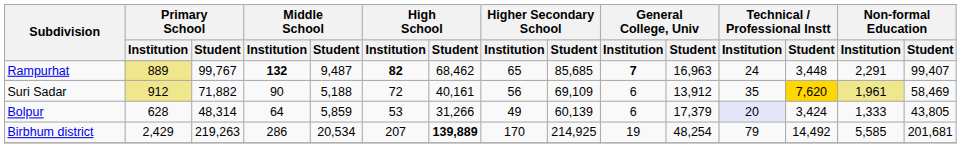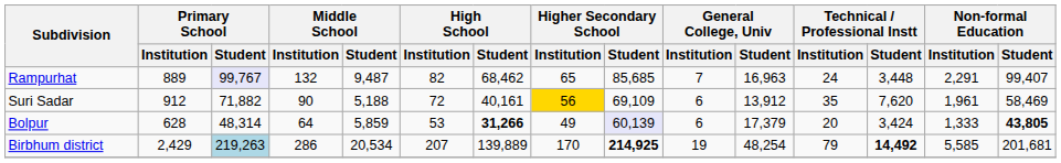 <table class="wikitable" style="text-align:center;font-size: 9pt">
 <tr>
 <th width="110" rowspan="2">Subdivision</th>
 <th colspan="2">Primary<br>School</th>
 <th colspan="2">Middle<br>School</th>
 <th colspan="2">High<br>School</th>
 <th colspan="2">Higher Secondary<br>School</th>
 <th colspan="2">General<br>College, Univ</th>
 <th colspan="2">Technical /<br>Professional Instt</th>
 <th colspan="2">Non-formal<br>Education</th>
 </tr>
 <tr>
 <th width="30">Institution</th>
 <th width="30">Student</th>
 <th width="30">Institution</th>
 <th width="30">Student</th>
 <th width="30">Institution</th>
 <th width="30">Student</th>
 <th width="30">Institution</th>
 <th width="30">Student</th>
 <th width="30">Institution</th>
 <th width="30">Student</th>
 <th width="30">Institution</th>
 <th width="30">Student</th>
 <th width="30">Institution</th>
 <th width="30">Student<br></th>
 </tr>
 <tr>
 <td align=left><a href='#'>Rampurhat</a></td>
-<td align="center" style="background: khaki;">889</td>
-<td align="center">99,767</td>
-<td align="center"><strong>132</strong></td>
+<td align="center">889</td>
+<td align="center" style="background: lavender;">99,767</td>
+<td align="center">132</td>
 <td align="center">9,487</td>
-<td align="center"><strong>82</strong></td>
+<td align="center">82</td>
 <td align="center">68,462</td>
 <td align="center">65</td>
 <td align="center">85,685</td>
-<td align="center"><strong>7</strong></td>
+<td align="center">7</td>
 <td align="center">16,963</td>
 <td align="center">24</td>
 <td align="center">3,448</td>
 <td align="center">2,291</td>
 <td align="center">99,407</td>
 </tr>
 <tr>
 <td align=left>Suri Sadar</td>
-<td align="center" style="background: khaki;">912</td>
+<td align="center">912</td>
 <td align="center">71,882</td>
 <td align="center">90</td>
 <td align="center">5,188</td>
 <td align="center">72</td>
 <td align="center">40,161</td>
-<td align="center">56</td>
+<td align="center" style="background: gold;">56</td>
 <td align="center">69,109</td>
 <td align="center">6</td>
 <td align="center">13,912</td>
 <td align="center">35</td>
-<td align="center" style="background: gold;">7,620</td>
-<td align="center" style="background: khaki;">1,961</td>
+<td align="center">7,620</td>
+<td align="center">1,961</td>
 <td align="center">58,469</td>
 </tr>
 <tr>
 <td align=left><a href='#'>Bolpur</a></td>
 <td align="center">628</td>
 <td align="center">48,314</td>
 <td align="center">64</td>
 <td align="center">5,859</td>
 <td align="center">53</td>
-<td align="center">31,266</td>
+<td align="center"><strong>31,266</strong></td>
 <td align="center">49</td>
-<td align="center">60,139</td>
+<td align="center" style="background: lavender;">60,139</td>
 <td align="center">6</td>
 <td align="center">17,379</td>
-<td align="center" style="background: lavender;">20</td>
+<td align="center">20</td>
 <td align="center">3,424</td>
 <td align="center">1,333</td>
-<td align="center">43,805</td>
+<td align="center"><strong>43,805</strong></td>
 </tr>
 <tr>
 <td align=left><a href='#'>Birbhum district</a></td>
 <td align="center">2,429</td>
-<td align="center">219,263</td>
+<td align="center" style="background: lightblue;">219,263</td>
 <td align="center">286</td>
 <td align="center">20,534</td>
 <td align="center">207</td>
-<td align="center"><strong>139,889</strong></td>
+<td align="center">139,889</td>
 <td align="center">170</td>
-<td align="center">214,925</td>
+<td align="center"><strong>214,925</strong></td>
 <td align="center">19</td>
 <td align="center">48,254</td>
 <td align="center">79</td>
-<td align="center">14,492</td>
+<td align="center"><strong>14,492</strong></td>
 <td align="center">5,585</td>
 <td align="center">201,681</td>
 </tr>
 <tr>
 </tr>
 </table>
